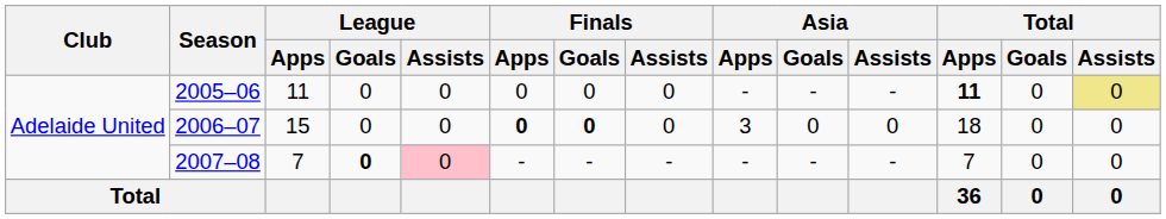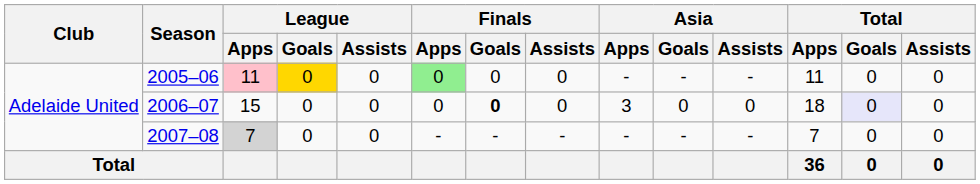 <table class="wikitable" style="text-align: center;">
 <tr>
 <th rowspan="2">Club</th>
 <th rowspan="2">Season</th>
 <th colspan="3">League</th>
 <th colspan="3">Finals</th>
 <th colspan="3">Asia</th>
 <th colspan="3">Total</th>
 </tr>
 <tr>
 <th>Apps</th>
 <th>Goals</th>
 <th>Assists</th>
 <th>Apps</th>
 <th>Goals</th>
 <th>Assists</th>
 <th>Apps</th>
 <th>Goals</th>
 <th>Assists</th>
 <th>Apps</th>
 <th>Goals</th>
 <th>Assists</th>
 </tr>
 <tr>
 <td rowspan="3" valign="center"><a href='#'>Adelaide United</a></td>
 <td><a href='#'>2005–06</a></td>
-<td>11</td>
+<td style="background: pink;">11</td>
+<td style="background: gold;">0</td>
 <td>0</td>
-<td>0</td>
-<td>0</td>
+<td style="background: lightgreen;">0</td>
 <td>0</td>
 <td>0</td>
 <td>-</td>
 <td>-</td>
 <td>-</td>
-<td><strong>11</strong></td>
+<td>11</td>
 <td>0</td>
-<td style="background: khaki;">0</td>
+<td>0</td>
 </tr>
 <tr>
 <td><a href='#'>2006–07</a></td>
 <td>15</td>
 <td>0</td>
 <td>0</td>
-<td><strong>0</strong></td>
+<td>0</td>
 <td><strong>0</strong></td>
 <td>0</td>
 <td>3</td>
 <td>0</td>
 <td>0</td>
 <td>18</td>
-<td>0</td>
+<td style="background: lavender;">0</td>
 <td>0</td>
 </tr>
 <tr>
 <td><a href='#'>2007–08</a></td>
-<td>7</td>
-<td><strong>0</strong></td>
-<td style="background: pink;">0</td>
+<td style="background: lightgrey;">7</td>
+<td>0</td>
+<td>0</td>
 <td>-</td>
 <td>-</td>
 <td>-</td>
 <td>-</td>
 <td>-</td>
 <td>-</td>
 <td>7</td>
 <td>0</td>
 <td>0</td>
 </tr>
 <tr>
 <th colspan="2">Total</th>
 <th></th>
 <th></th>
 <th></th>
 <th></th>
 <th></th>
 <th></th>
 <th></th>
 <th></th>
 <th></th>
 <th>36</th>
 <th>0</th>
 <th>0</th>
 </tr>
 </table>
